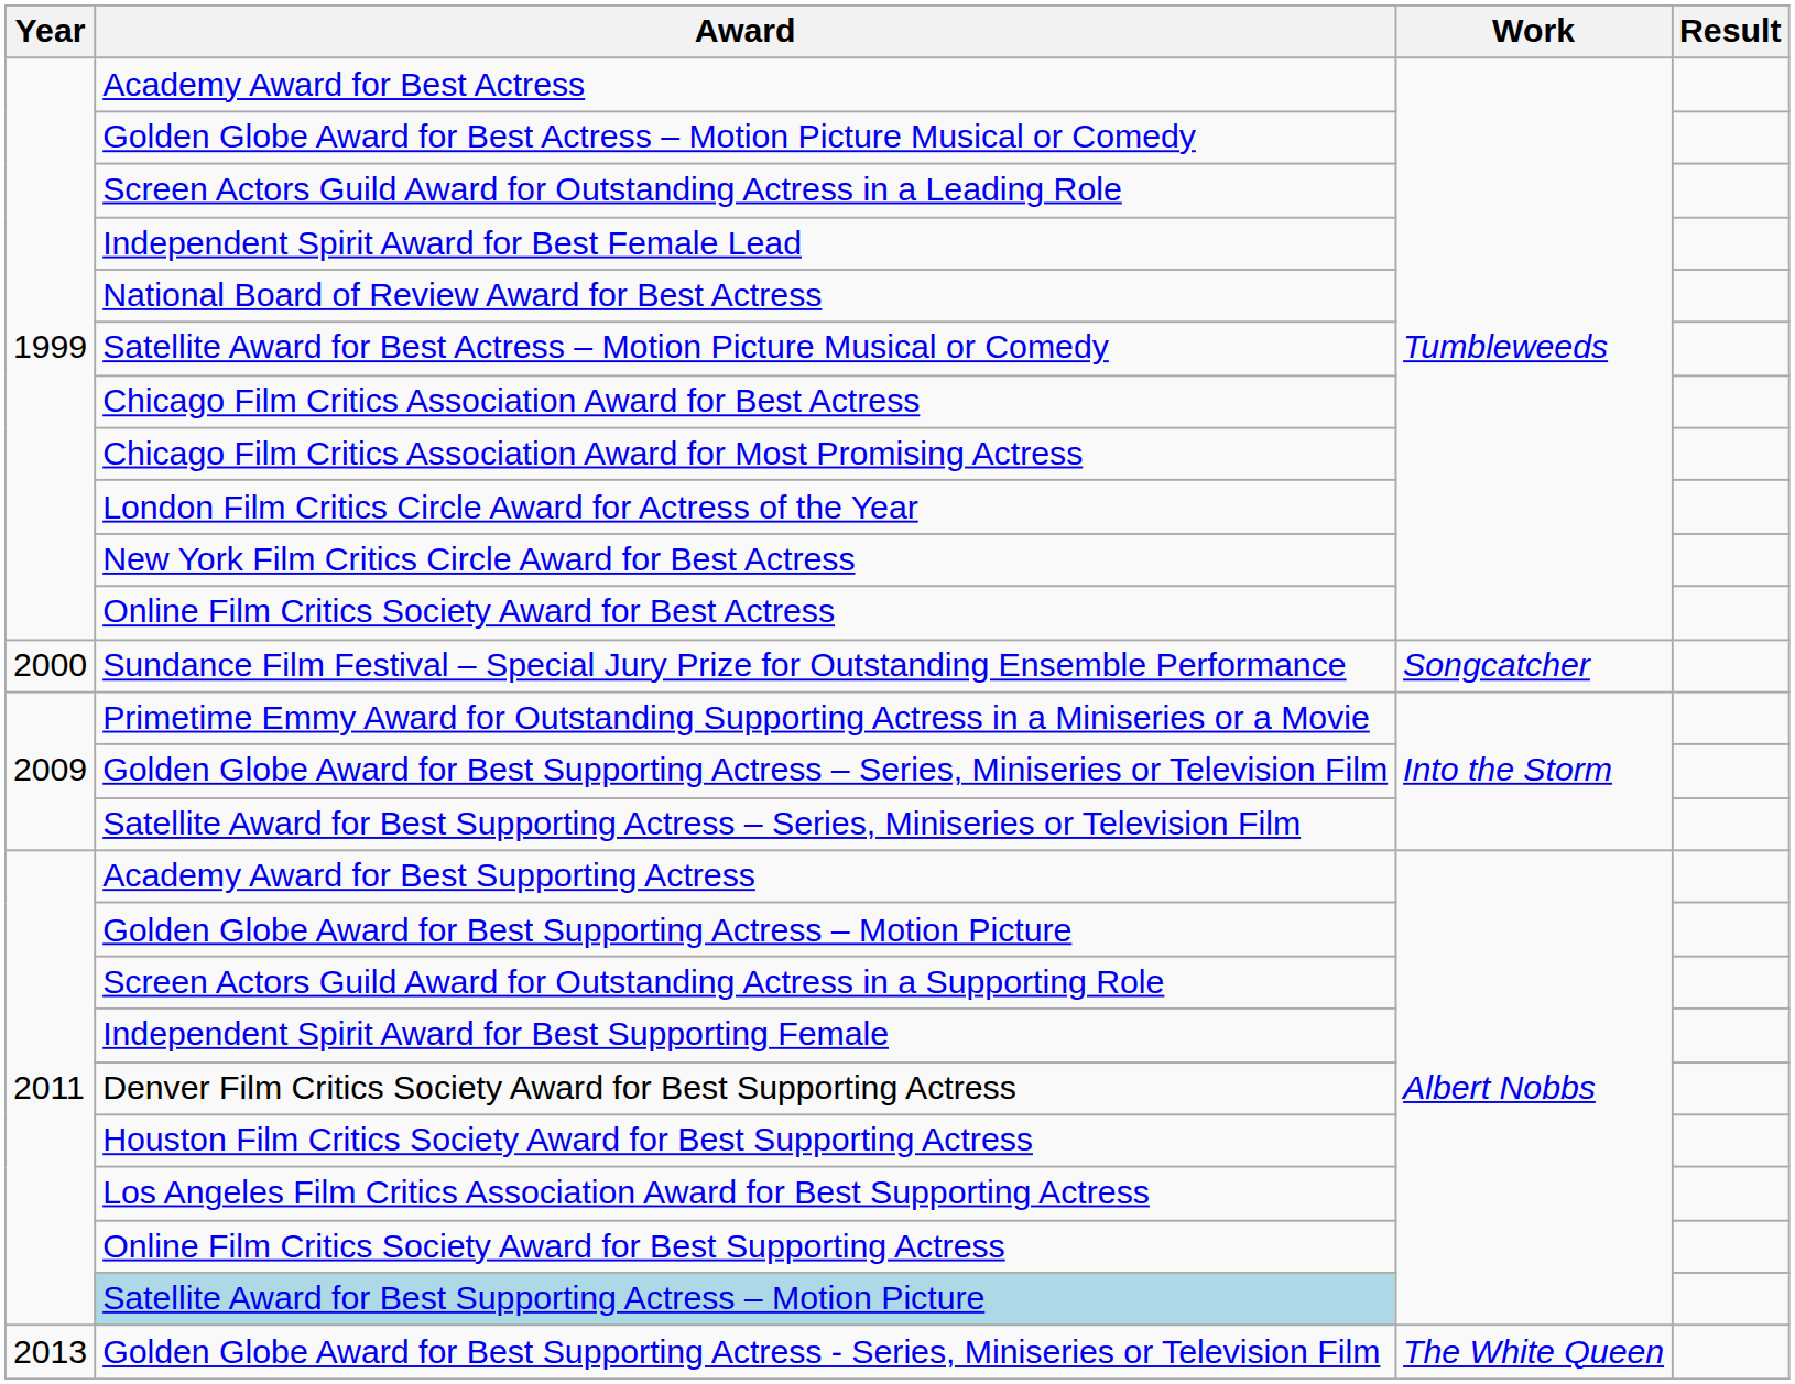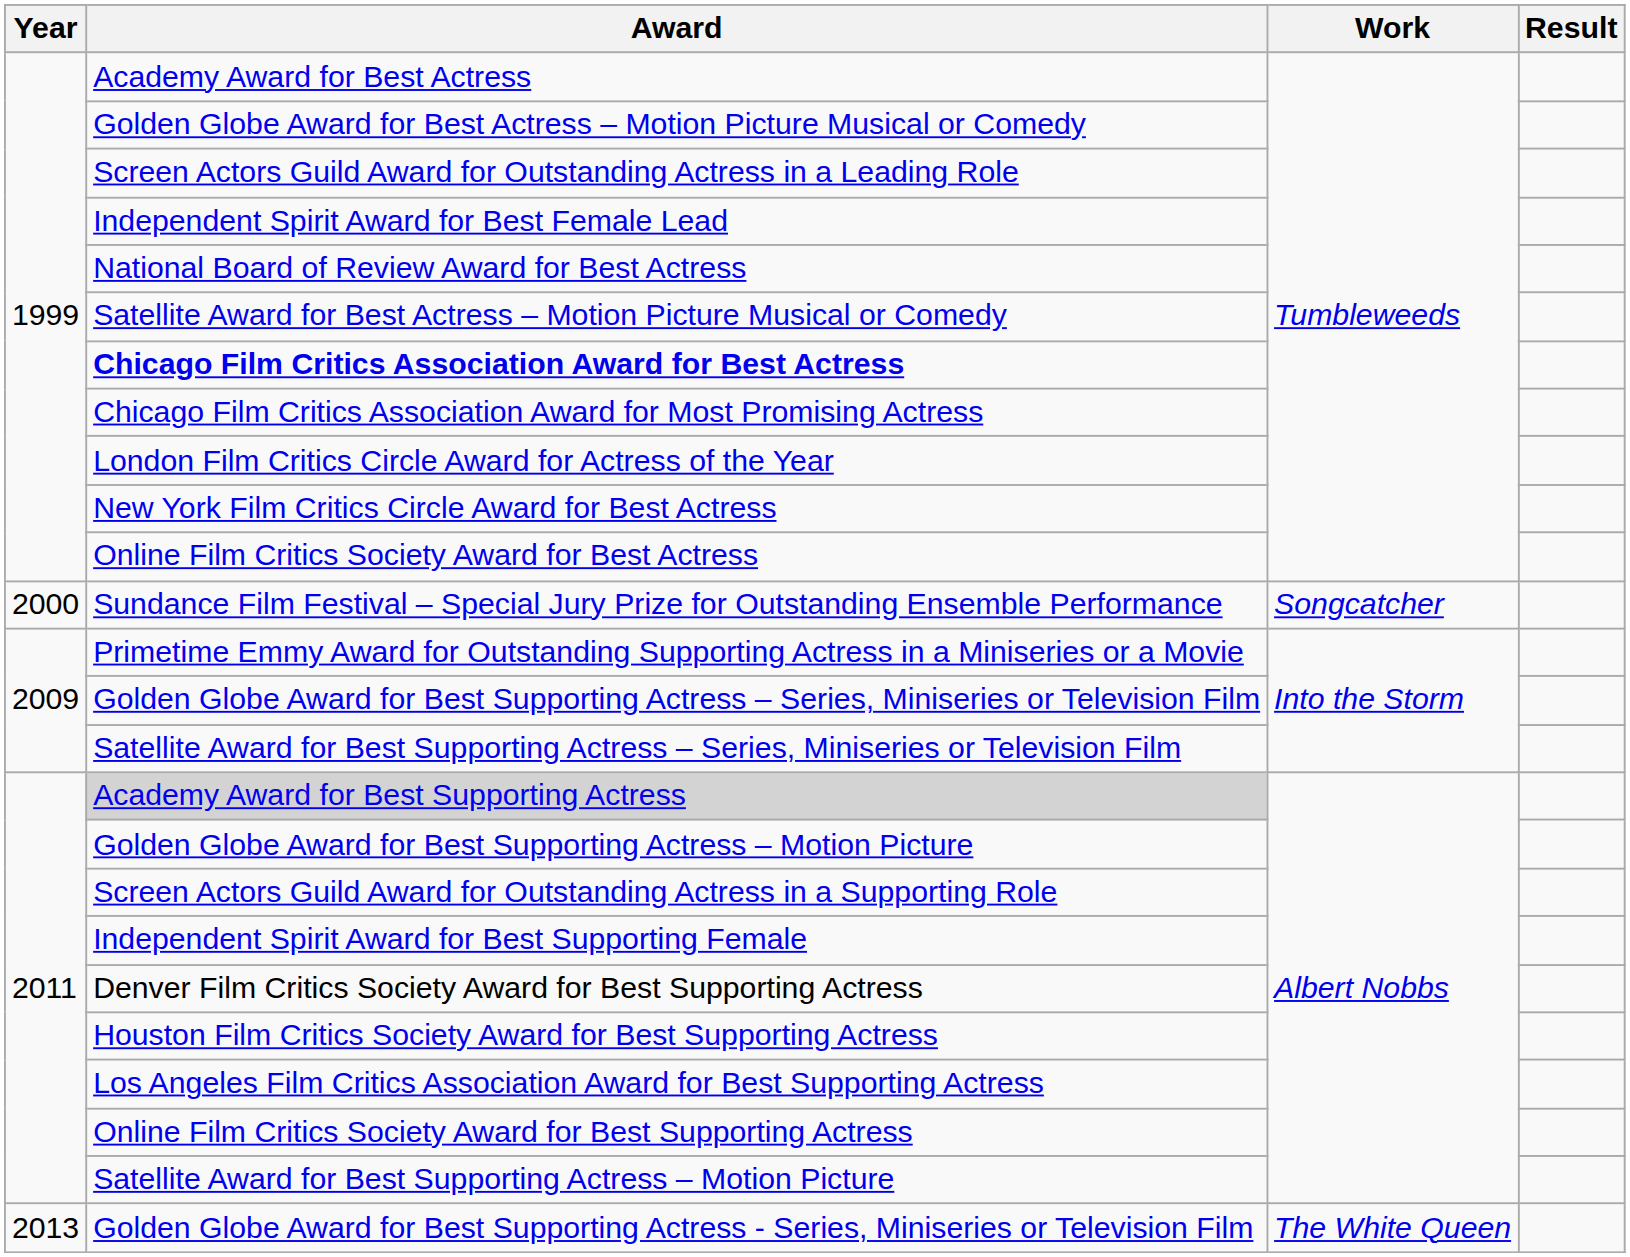 <table class="wikitable sortable">
 <tr>
 <th>Year</th>
 <th>Award</th>
 <th>Work</th>
 <th>Result</th>
 </tr>
 <tr>
 <td rowspan="11">1999</td>
 <td><a href='#'>Academy Award for Best Actress</a></td>
 <td rowspan="11"><em><a href='#'>Tumbleweeds</a></em></td>
 <td></td>
 </tr>
 <tr>
 <td><a href='#'>Golden Globe Award for Best Actress – Motion Picture Musical or Comedy</a></td>
 <td></td>
 </tr>
 <tr>
 <td><a href='#'>Screen Actors Guild Award for Outstanding Actress in a Leading Role</a></td>
 <td></td>
 </tr>
 <tr>
 <td><a href='#'>Independent Spirit Award for Best Female Lead</a></td>
 <td></td>
 </tr>
 <tr>
 <td><a href='#'>National Board of Review Award for Best Actress</a></td>
 <td></td>
 </tr>
 <tr>
 <td><a href='#'>Satellite Award for Best Actress – Motion Picture Musical or Comedy</a></td>
 <td></td>
 </tr>
 <tr>
-<td><a href='#'>Chicago Film Critics Association Award for Best Actress</a></td>
+<td><strong><a href='#'>Chicago Film Critics Association Award for Best Actress</a></strong></td>
 <td></td>
 </tr>
 <tr>
 <td><a href='#'>Chicago Film Critics Association Award for Most Promising Actress</a></td>
 <td></td>
 </tr>
 <tr>
 <td><a href='#'>London Film Critics Circle Award for Actress of the Year</a></td>
 <td></td>
 </tr>
 <tr>
 <td><a href='#'>New York Film Critics Circle Award for Best Actress</a></td>
 <td></td>
 </tr>
 <tr>
 <td><a href='#'>Online Film Critics Society Award for Best Actress</a></td>
 <td></td>
 </tr>
 <tr>
 <td>2000</td>
 <td><a href='#'>Sundance Film Festival – Special Jury Prize for Outstanding Ensemble Performance</a></td>
 <td><em><a href='#'>Songcatcher</a></em></td>
 <td></td>
 </tr>
 <tr>
 <td rowspan="3">2009</td>
 <td><a href='#'>Primetime Emmy Award for Outstanding Supporting Actress in a Miniseries or a Movie</a></td>
 <td rowspan="3"><em><a href='#'>Into the Storm</a></em></td>
 <td></td>
 </tr>
 <tr>
 <td><a href='#'>Golden Globe Award for Best Supporting Actress – Series, Miniseries or Television Film</a></td>
 <td></td>
 </tr>
 <tr>
 <td><a href='#'>Satellite Award for Best Supporting Actress – Series, Miniseries or Television Film</a></td>
 <td></td>
 </tr>
 <tr>
 <td rowspan="9">2011</td>
-<td><a href='#'>Academy Award for Best Supporting Actress</a></td>
+<td style="background: lightgrey;"><a href='#'>Academy Award for Best Supporting Actress</a></td>
 <td rowspan="9"><em><a href='#'>Albert Nobbs</a></em></td>
 <td></td>
 </tr>
 <tr>
 <td><a href='#'>Golden Globe Award for Best Supporting Actress&nbsp;– Motion Picture</a></td>
 <td></td>
 </tr>
 <tr>
 <td><a href='#'>Screen Actors Guild Award for Outstanding Actress in a Supporting Role</a></td>
 <td></td>
 </tr>
 <tr>
 <td><a href='#'>Independent Spirit Award for Best Supporting Female</a></td>
 <td></td>
 </tr>
 <tr>
 <td>Denver Film Critics Society Award for Best Supporting Actress</td>
 <td></td>
 </tr>
 <tr>
 <td><a href='#'>Houston Film Critics Society Award for Best Supporting Actress</a></td>
 <td></td>
 </tr>
 <tr>
 <td><a href='#'>Los Angeles Film Critics Association Award for Best Supporting Actress</a></td>
 <td></td>
 </tr>
 <tr>
 <td><a href='#'>Online Film Critics Society Award for Best Supporting Actress</a></td>
 <td></td>
 </tr>
 <tr>
-<td style="background: lightblue;"><a href='#'>Satellite Award for Best Supporting Actress – Motion Picture</a></td>
+<td><a href='#'>Satellite Award for Best Supporting Actress – Motion Picture</a></td>
 <td></td>
 </tr>
 <tr>
 <td>2013</td>
 <td><a href='#'>Golden Globe Award for Best Supporting Actress - Series, Miniseries or Television Film</a></td>
 <td><em><a href='#'>The White Queen</a></em></td>
 <td></td>
 </tr>
 </table>
